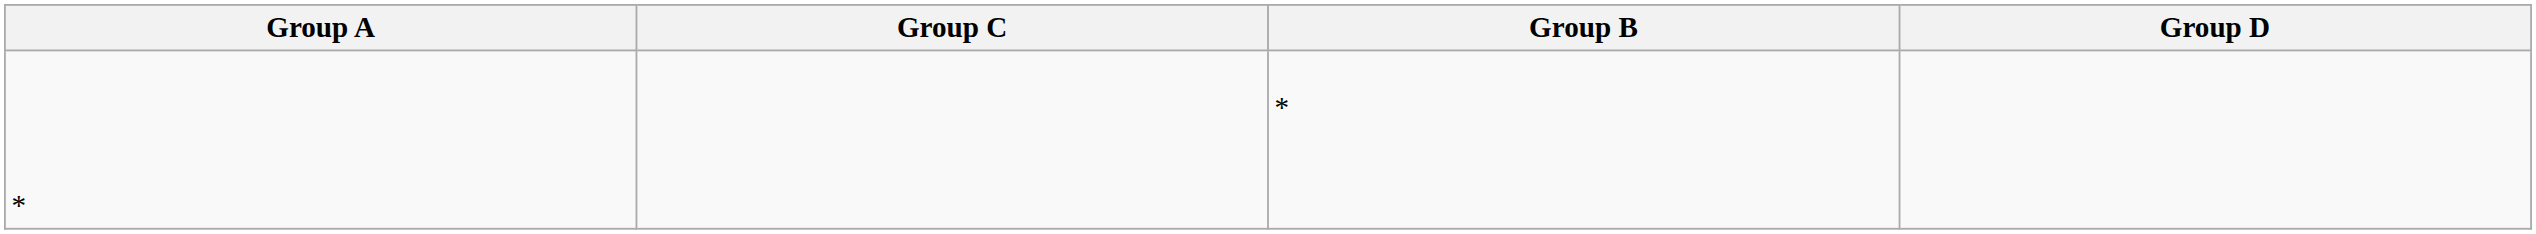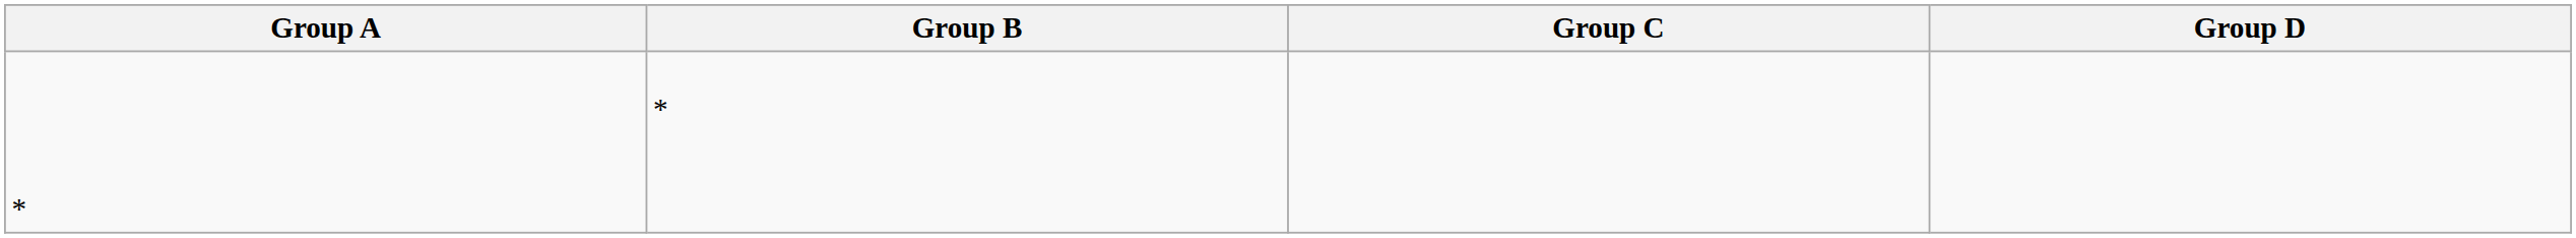 <table class="wikitable" width=70%>
 <tr>
 <th width=25%>Group A</th>
+<th width=25%>Group B</th>
 <th width=25%>Group C</th>
-<th width=25%>Group B</th>
 <th width=25%>Group D</th>
 </tr>
 <tr>
 <td valign=top><br><br> <br> <br>  *</td>
+<td valign=top><br><s></s> *<br> <br> </td>
 <td valign=top><br><br> <br>  </td>
-<td valign=top><br><s></s> *<br> <br> </td>
 <td valign=top><br><br> <br> </td>
 </tr>
 </table>
